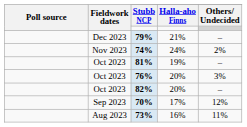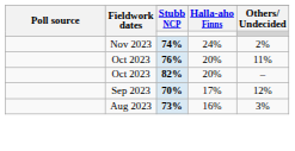 <table class="wikitable mw-collapsible mw-collapsed" style="text-align:center;font-size:85%;line-height:14px;">
 <tr bgcolor="lightgray">
 <th rowspan="3" style="width:125px;">Poll source</th>
 <th rowspan="3">Fieldwork<br>dates</th>
 </tr>
 <tr>
 <th><a href='#'>Stubb</a><br><small><a href='#'>NCP</a></small></th>
 <th><a href='#'>Halla-aho</a><br><small><a href='#'>Finns</a></small></th>
 <th>Others/<br>Undecided</th>
 </tr>
 <tr>
 <td></td>
 <td></td>
 <td bgcolor="lightgray"></td>
 </tr>
 <tr>
 <td></td>
-<td>Dec 2023</td>
-<td style="background:#D9E9F4;"><strong>79%</strong></td>
-<td>21%</td>
-<td>–</td>
-</tr>
-<tr>
-<td></td>
 <td>Nov 2023</td>
 <td style="background:#D9E9F4;"><strong>74%</strong></td>
 <td>24%</td>
 <td>2%</td>
 </tr>
 <tr>
 <td></td>
 <td>Oct 2023</td>
-<td style="background:#D9E9F4;"><strong>81%</strong></td>
-<td>19%</td>
-<td>–</td>
-</tr>
-<tr>
-<td></td>
-<td>Oct 2023</td>
 <td style="background:#D9E9F4;"><strong>76%</strong></td>
 <td>20%</td>
-<td>3%</td>
+<td>11%</td>
 </tr>
 <tr>
 <td></td>
 <td>Oct 2023</td>
 <td style="background:#D9E9F4;"><strong>82%</strong></td>
 <td>20%</td>
 <td>–</td>
 </tr>
 <tr>
 <td></td>
 <td>Sep 2023</td>
 <td style="background:#D9E9F4;"><strong>70%</strong></td>
 <td>17%</td>
 <td>12%</td>
 </tr>
 <tr>
 <td></td>
 <td>Aug 2023</td>
 <td style="background:#D9E9F4;"><strong>73%</strong></td>
 <td>16%</td>
-<td>11%</td>
+<td>3%</td>
 </tr>
 </table>
